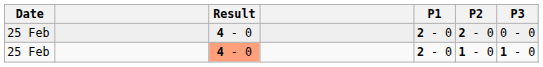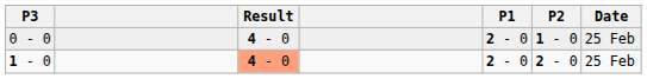 <table class="wikitable">
 <tr>
-<th width=50px>Date</th>
+<th width=40px>P3</th>
 <th width=165px></th>
 <th width=50px>Result</th>
 <th width=165px></th>
 <th width=40px>P1</th>
 <th width=40px>P2</th>
-<th width=40px>P3</th>
+<th width=50px>Date</th>
 </tr>
 <tr bgcolor="#EFEFEF">
-<td>25 Feb</td>
+<td align="center">0 - 0</td>
 <td></td>
 <td align="center"><strong>4</strong> - 0</td>
 <td></td>
 <td align="center"><strong>2</strong> - 0</td>
-<td align="center"><strong>2</strong> - 0</td>
-<td align="center">0 - 0</td>
+<td align="center"><strong>1</strong> - 0</td>
+<td>25 Feb</td>
 </tr>
 <tr>
-<td>25 Feb</td>
+<td align="center"><strong>1</strong> - 0</td>
 <td></td>
 <td align="center" style="background: lightsalmon;"><strong>4</strong> - 0</td>
 <td></td>
 <td align="center"><strong>2</strong> - 0</td>
-<td align="center"><strong>1</strong> - 0</td>
-<td align="center"><strong>1</strong> - 0</td>
+<td align="center"><strong>2</strong> - 0</td>
+<td>25 Feb</td>
 </tr>
 </table>
